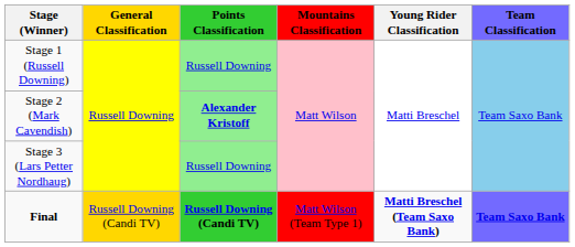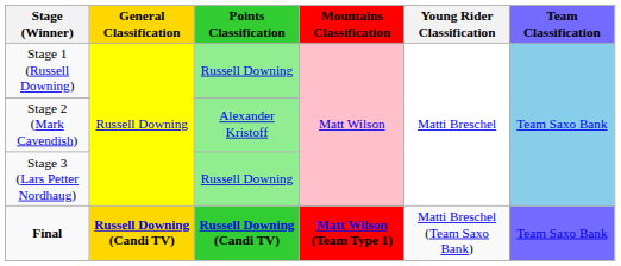 <table class="wikitable" style="text-align: center; font-size:smaller;">
 <tr>
 <th width="12%"><strong>Stage<br>(Winner)</strong></th>
 <th style="background-color:gold;" width="15%"><strong>General Classification</strong></th>
 <th style="background-color:limegreen;" width="15%"><strong>Points Classification</strong></th>
 <th style="background-color:red;" width="15%"><strong>Mountains Classification</strong></th>
 <th style="background-color:offwhite;" width="15%"><strong>Young Rider Classification</strong></th>
 <th style="background-color:#736AFF;" width="15%"><strong>Team Classification</strong></th>
 </tr>
 <tr>
 <td>Stage 1<br>(<a href='#'>Russell Downing</a>)</td>
 <td style="background-color:yellow;" rowspan="3"><a href='#'>Russell Downing</a></td>
 <td style="background-color:lightgreen;" rowspan="1"><a href='#'>Russell Downing</a></td>
 <td style="background-color:pink;" rowspan="3"><a href='#'>Matt Wilson</a></td>
 <td style="background-color:white;" rowspan="3"><a href='#'>Matti Breschel</a></td>
 <td style="background-color:skyblue;" rowspan="3"><a href='#'>Team Saxo Bank</a></td>
 </tr>
 <tr>
 <td>Stage 2<br>(<a href='#'>Mark Cavendish</a>)</td>
-<td style="background-color:lightgreen;" rowspan="1"><strong><a href='#'>Alexander Kristoff</a></strong></td>
+<td style="background-color:lightgreen;" rowspan="1"><a href='#'>Alexander Kristoff</a></td>
 </tr>
 <tr>
 <td>Stage 3<br>(<a href='#'>Lars Petter Nordhaug</a>)</td>
 <td style="background-color:lightgreen;" rowspan="1"><a href='#'>Russell Downing</a></td>
 </tr>
 <tr>
 <td><strong>Final</strong><br></td>
-<td style="background-color:gold;"><a href='#'>Russell Downing</a> (Candi TV)</td>
+<td style="background-color:gold;"><strong><a href='#'>Russell Downing</a> (Candi TV)</strong></td>
 <td style="background-color:limegreen;" width="15%"><strong><a href='#'>Russell Downing</a> (Candi TV)</strong></td>
-<td style="background-color:red;" width="15%"><a href='#'>Matt Wilson</a> (Team Type 1)</td>
-<td style="background-color:offwhite;" width="15%"><strong><a href='#'>Matti Breschel</a> (<a href='#'>Team Saxo Bank</a>)</strong></td>
-<td style="background-color:#736AFF;" width="15%"><strong><a href='#'>Team Saxo Bank</a></strong></td>
+<td style="background-color:red;" width="15%"><strong><a href='#'>Matt Wilson</a> (Team Type 1)</strong></td>
+<td style="background-color:offwhite;" width="15%"><a href='#'>Matti Breschel</a> (<a href='#'>Team Saxo Bank</a>)</td>
+<td style="background-color:#736AFF;" width="15%"><a href='#'>Team Saxo Bank</a></td>
 </tr>
 </table>
